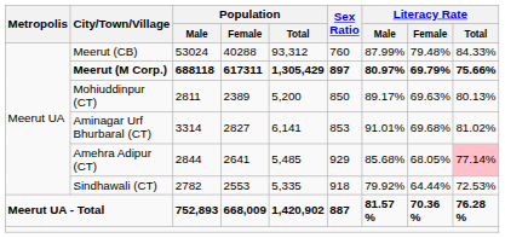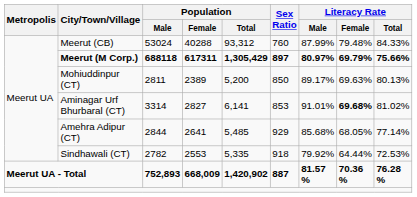 <table class="wikitable sortable mw-collapsible">
 <tr>
 <th rowspan="2">Metropolis</th>
 <th rowspan="2">City/Town/Village</th>
 <th colspan="3">Population</th>
 <th rowspan="2"><a href='#'>Sex Ratio</a></th>
 <th colspan="3"><a href='#'>Literacy Rate</a></th>
 </tr>
 <tr>
 <th><small>Male</small></th>
 <th><small>Female</small></th>
 <th><small>Total</small></th>
 <th><small>Male</small></th>
 <th><small>Female</small></th>
 <th><small>Total</small></th>
 </tr>
 <tr>
 <td rowspan="6">Meerut UA</td>
 <td>Meerut (CB)</td>
 <td>53024</td>
 <td>40288</td>
 <td>93,312</td>
 <td>760</td>
 <td>87.99%</td>
 <td>79.48%</td>
 <td>84.33%</td>
 </tr>
 <tr>
 <td><strong>Meerut (M Corp.)</strong></td>
 <td><strong>688118</strong></td>
 <td><strong>617311</strong></td>
 <td><strong>1,305,429</strong></td>
 <td><strong>897</strong></td>
 <td><strong>80.97%</strong></td>
 <td><strong>69.79%</strong></td>
 <td><strong>75.66%</strong></td>
 </tr>
 <tr>
 <td>Mohiuddinpur (CT)</td>
 <td>2811</td>
 <td>2389</td>
 <td>5,200</td>
 <td>850</td>
 <td>89.17%</td>
 <td>69.63%</td>
 <td>80.13%</td>
 </tr>
 <tr>
 <td>Aminagar Urf Bhurbaral (CT)</td>
 <td>3314</td>
 <td>2827</td>
 <td>6,141</td>
 <td>853</td>
 <td>91.01%</td>
-<td>69.68%</td>
+<td><strong>69.68%</strong></td>
 <td>81.02%</td>
 </tr>
 <tr>
 <td>Amehra Adipur (CT)</td>
 <td>2844</td>
 <td>2641</td>
 <td>5,485</td>
 <td>929</td>
 <td>85.68%</td>
 <td>68.05%</td>
-<td style="background: pink;">77.14%</td>
+<td>77.14%</td>
 </tr>
 <tr>
 <td>Sindhawali (CT)</td>
 <td>2782</td>
 <td>2553</td>
 <td>5,335</td>
 <td>918</td>
 <td>79.92%</td>
 <td>64.44%</td>
 <td>72.53%</td>
 </tr>
 <tr>
 <td colspan="2"><strong>Meerut UA - Total</strong></td>
 <td><strong>752,893</strong></td>
 <td><strong>668,009</strong></td>
 <td><strong>1,420,902</strong></td>
 <td><strong>887</strong></td>
 <td><strong>81.57 %</strong></td>
 <td><strong>70.36 %</strong></td>
 <td><strong>76.28 %</strong></td>
 </tr>
 <tr>
 <td colspan="9"><small></small></td>
 </tr>
 </table>
